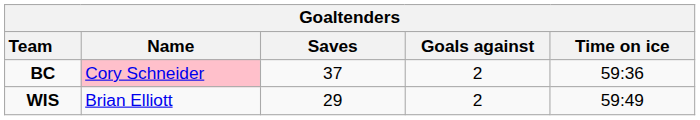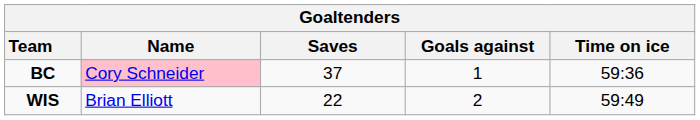 <table class="wikitable" style="width:40em; text-align:right;">
 <tr>
 <th colspan=5>Goaltenders</th>
 </tr>
 <tr>
 <th style="width:4em; text-align:left;">Team</th>
 <th style="width:10em;">Name</th>
 <th style="width:8em;">Saves</th>
 <th style="width:8em;">Goals against</th>
 <th style="width:8em;">Time on ice</th>
 </tr>
 <tr>
 <td align=center><strong>BC</strong></td>
 <td style="background: pink; text-align:left;"><a href='#'>Cory Schneider</a></td>
 <td align=center>37</td>
-<td align=center>2</td>
+<td align=center>1</td>
 <td align=center>59:36</td>
 </tr>
 <tr>
 <td align=center><strong>WIS</strong></td>
 <td style="text-align:left;"><a href='#'>Brian Elliott</a></td>
-<td align=center>29</td>
+<td align=center>22</td>
 <td align=center>2</td>
 <td align=center>59:49</td>
 </tr>
 </table>
